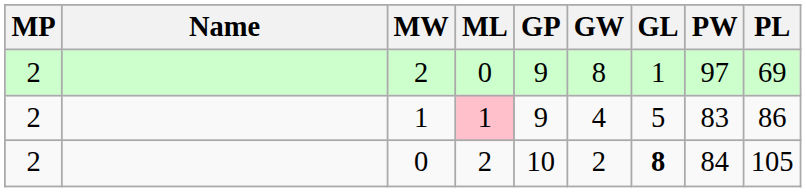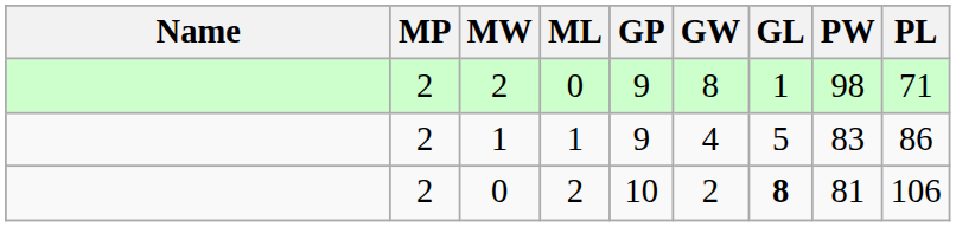 <table class=wikitable style="text-align:center">
 <tr>
+<th width=175>Name</th>
 <th width=20>MP</th>
-<th width=175>Name</th>
 <th width=20>MW</th>
 <th width=20>ML</th>
 <th width=20>GP</th>
 <th width=20>GW</th>
 <th width=20>GL</th>
 <th width=20>PW</th>
 <th width=20>PL</th>
 </tr>
 <tr style="background-color:#ccffcc;">
+<td style="text-align:left;"><strong></strong></td>
 <td>2</td>
-<td style="text-align:left;"><strong></strong></td>
 <td>2</td>
 <td>0</td>
 <td>9</td>
 <td>8</td>
 <td>1</td>
-<td>97</td>
-<td>69</td>
+<td>98</td>
+<td>71</td>
 </tr>
 <tr>
+<td style="text-align:left;"></td>
 <td>2</td>
-<td style="text-align:left;"></td>
 <td>1</td>
-<td style="background: pink;">1</td>
+<td>1</td>
 <td>9</td>
 <td>4</td>
 <td>5</td>
 <td>83</td>
 <td>86</td>
 </tr>
 <tr>
+<td style="text-align:left;"></td>
 <td>2</td>
-<td style="text-align:left;"></td>
 <td>0</td>
 <td>2</td>
 <td>10</td>
 <td>2</td>
 <td><strong>8</strong></td>
-<td>84</td>
-<td>105</td>
+<td>81</td>
+<td>106</td>
 </tr>
 </table>
